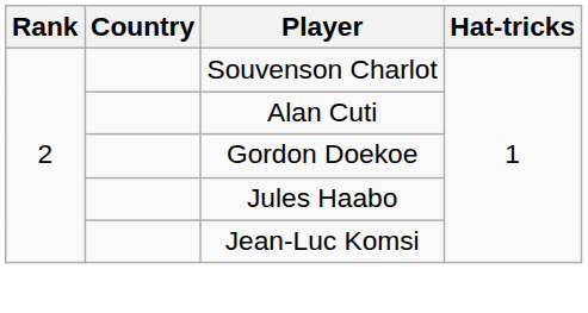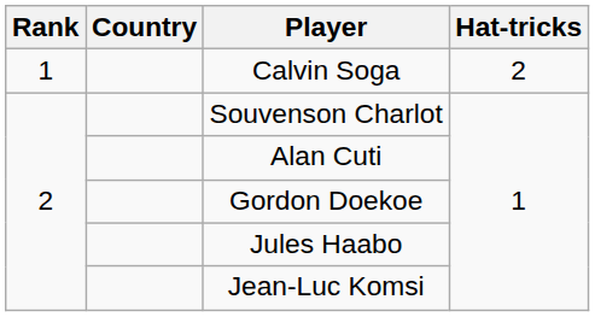 <table class="wikitable" style="text-align:center;">
 <tr>
 <th>Rank</th>
 <th>Country</th>
 <th>Player</th>
 <th>Hat-tricks</th>
+</tr>
+<tr>
+<td>1</td>
+<td></td>
+<td>Calvin Soga</td>
+<td>2</td>
 </tr>
 <tr>
 <td rowspan=10>2</td>
 <td></td>
 <td>Souvenson Charlot</td>
 <td rowspan=10>1</td>
 </tr>
 <tr>
 <td></td>
 <td>Alan Cuti</td>
 </tr>
 <tr>
 <td></td>
 <td>Gordon Doekoe</td>
 </tr>
 <tr>
 <td></td>
 <td>Jules Haabo</td>
 </tr>
 <tr>
 <td></td>
 <td>Jean-Luc Komsi</td>
 </tr>
 </table>
